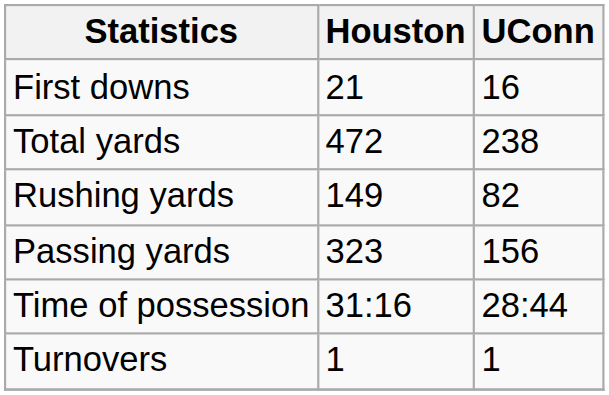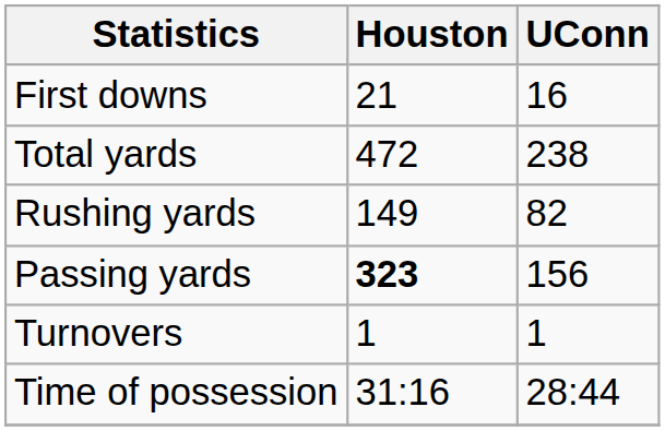 <table class="wikitable">
 <tr>
 <th>Statistics</th>
 <th>Houston</th>
 <th>UConn</th>
 </tr>
 <tr>
 <td>First downs</td>
 <td>21</td>
 <td>16</td>
 </tr>
 <tr>
 <td>Total yards</td>
 <td>472</td>
 <td>238</td>
 </tr>
 <tr>
 <td>Rushing yards</td>
 <td>149</td>
 <td>82</td>
 </tr>
 <tr>
 <td>Passing yards</td>
-<td>323</td>
+<td><strong>323</strong></td>
 <td>156</td>
+</tr>
+<tr>
+<td>Turnovers</td>
+<td>1</td>
+<td>1</td>
 </tr>
 <tr>
 <td>Time of possession</td>
 <td>31:16</td>
 <td>28:44</td>
 </tr>
 <tr>
-<td>Turnovers</td>
-<td>1</td>
-<td>1</td>
-</tr>
-<tr>
 </tr>
 </table>
